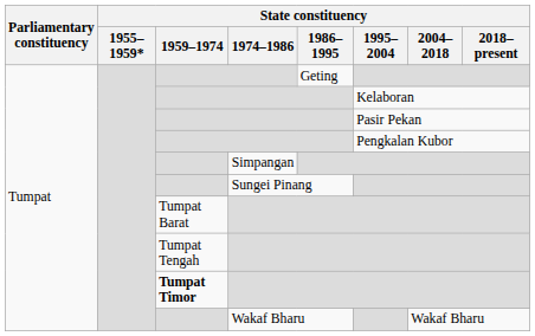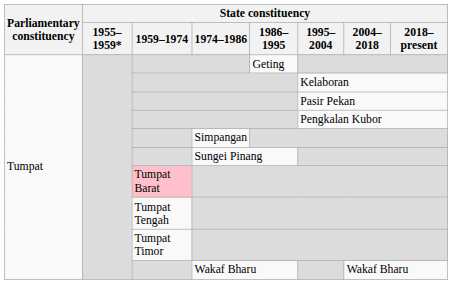 <table class="wikitable">
 <tr>
 <th rowspan="2">Parliamentary<br>constituency</th>
 <th colspan="7">State constituency</th>
 </tr>
 <tr>
 <th>1955–1959*</th>
 <th>1959–1974</th>
 <th>1974–1986</th>
 <th>1986–1995</th>
 <th>1995–2004</th>
 <th>2004–2018</th>
 <th>2018–present</th>
 </tr>
 <tr>
 <td rowspan="10">Tumpat</td>
 <td rowspan="10" bgcolor="dcdcdc"></td>
 <td colspan="2" bgcolor="dcdcdc"></td>
 <td>Geting</td>
 <td colspan="3" bgcolor="dcdcdc"></td>
 </tr>
 <tr>
 <td colspan="3" bgcolor="dcdcdc"></td>
 <td colspan="3">Kelaboran</td>
 </tr>
 <tr>
 <td colspan="3" bgcolor="dcdcdc"></td>
 <td colspan="3">Pasir Pekan</td>
 </tr>
 <tr>
 <td colspan="3" bgcolor="dcdcdc"></td>
 <td colspan="3">Pengkalan Kubor</td>
 </tr>
 <tr>
 <td bgcolor="dcdcdc"></td>
 <td>Simpangan</td>
 <td colspan="4" bgcolor="dcdcdc"></td>
 </tr>
 <tr>
 <td bgcolor="dcdcdc"></td>
 <td colspan="2">Sungei Pinang</td>
 <td colspan="3" bgcolor="dcdcdc"></td>
 </tr>
 <tr>
-<td>Tumpat Barat</td>
+<td style="background: pink;">Tumpat Barat</td>
 <td colspan="5" bgcolor="dcdcdc"></td>
 </tr>
 <tr>
 <td>Tumpat Tengah</td>
 <td colspan="5" bgcolor="dcdcdc"></td>
 </tr>
 <tr>
-<td><strong>Tumpat Timor</strong></td>
+<td>Tumpat Timor</td>
 <td colspan="5" bgcolor="dcdcdc"></td>
 </tr>
 <tr>
 <td bgcolor="dcdcdc"></td>
 <td colspan="2">Wakaf Bharu</td>
 <td bgcolor="dcdcdc"></td>
 <td colspan="2">Wakaf Bharu</td>
 </tr>
 </table>
